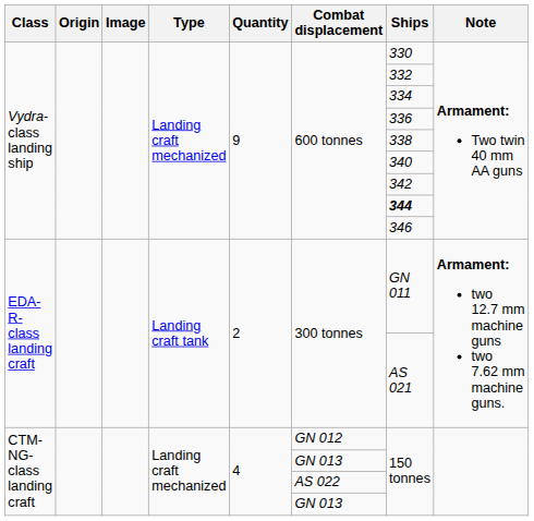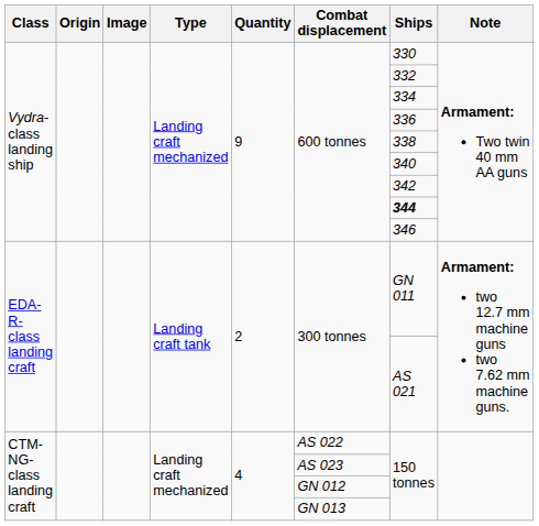 <table class="wikitable">
 <tr>
 <th>Class</th>
 <th>Origin</th>
 <th>Image</th>
 <th>Type</th>
 <th>Quantity</th>
 <th>Combat displacement</th>
 <th>Ships</th>
 <th>Note</th>
 </tr>
 <tr>
 <td rowspan="9"><em>Vydra</em>-class landing ship</td>
 <td rowspan="9"></td>
 <td rowspan="9"></td>
 <td rowspan="9"><a href='#'>Landing craft mechanized</a></td>
 <td rowspan="9">9</td>
 <td rowspan="9">600 tonnes</td>
 <td><em>330</em></td>
 <td rowspan="9"><br><strong>Armament:</strong><ul><li>Two twin 40 mm AA guns</li></ul></td>
 </tr>
 <tr>
 <td><em>332</em></td>
 </tr>
 <tr>
 <td><em>334</em></td>
 </tr>
 <tr>
 <td><em>336</em></td>
 </tr>
 <tr>
 <td><em>338</em></td>
 </tr>
 <tr>
 <td><em>340</em></td>
 </tr>
 <tr>
 <td><em>342</em></td>
 </tr>
 <tr>
 <td><strong><em>344</em></strong></td>
 </tr>
 <tr>
 <td><em>346</em></td>
 </tr>
 <tr>
 <td rowspan="2"><a href='#'>EDA-R-class landing craft</a></td>
 <td rowspan="2"></td>
 <td rowspan="2"></td>
 <td rowspan="2"><a href='#'>Landing craft tank</a></td>
 <td rowspan="2">2</td>
 <td rowspan="2">300 tonnes</td>
 <td><em>GN 011</em></td>
 <td rowspan="2"><br><strong>Armament:</strong><ul><li>two 12.7 mm machine guns</li><li>two 7.62 mm machine guns.</li></ul></td>
 </tr>
 <tr>
 <td><em>AS 021</em></td>
 </tr>
 <tr>
 <td rowspan="4">CTM-NG-class landing craft</td>
 <td rowspan="4"></td>
 <td rowspan="4"></td>
 <td rowspan="4">Landing craft mechanized</td>
 <td rowspan="4">4</td>
-<td><em>GN 012</em></td>
+<td><em>AS 022</em></td>
 <td rowspan="4">150 tonnes</td>
 <td rowspan="4"></td>
 </tr>
 <tr>
-<td><em>GN 013</em></td>
+<td><em>AS 023</em></td>
 </tr>
 <tr>
-<td><em>AS 022</em></td>
+<td><em>GN 012</em></td>
 </tr>
 <tr>
 <td><em>GN 013</em></td>
 </tr>
 </table>
